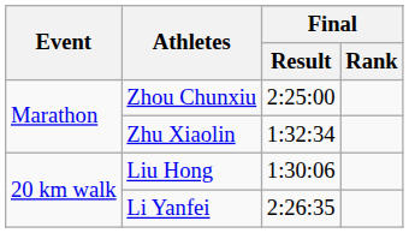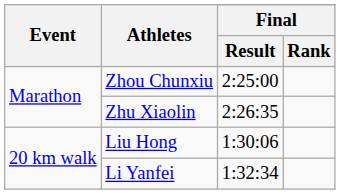 <table class=wikitable style="font-size:90%">
 <tr>
 <th rowspan=3>Event</th>
 <th rowspan=3>Athletes</th>
 </tr>
 <tr>
 <th colspan=2>Final</th>
 </tr>
 <tr>
 <th>Result</th>
 <th>Rank</th>
 </tr>
 <tr>
 <td rowspan="2"><a href='#'>Marathon</a></td>
 <td><a href='#'>Zhou Chunxiu</a></td>
 <td align=center>2:25:00</td>
 <td align=center></td>
 </tr>
 <tr>
 <td><a href='#'>Zhu Xiaolin</a></td>
-<td align=center>1:32:34</td>
+<td align=center>2:26:35</td>
 <td align=center></td>
 </tr>
 <tr>
 <td rowspan="2"><a href='#'>20 km walk</a></td>
 <td><a href='#'>Liu Hong</a></td>
 <td align=center>1:30:06</td>
 <td align=center></td>
 </tr>
 <tr>
 <td><a href='#'>Li Yanfei</a></td>
-<td align=center>2:26:35</td>
+<td align=center>1:32:34</td>
 <td align=center></td>
 </tr>
 </table>
